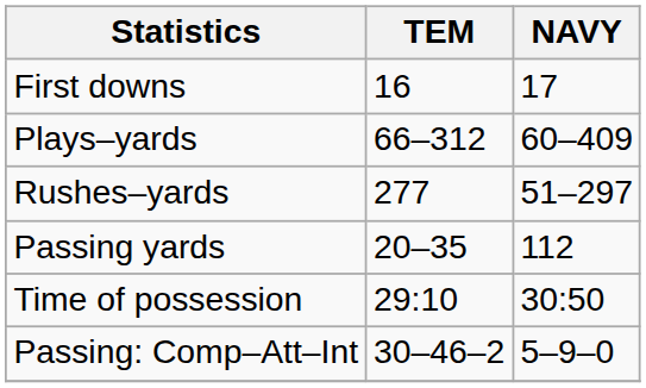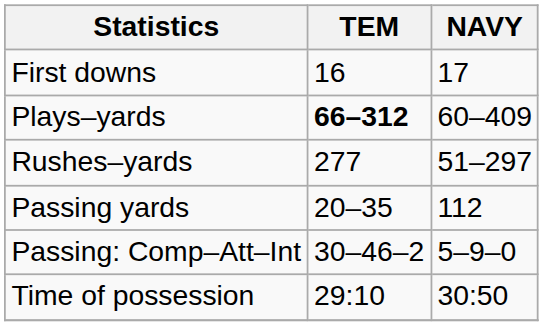 <table class="wikitable" style="float: left;">
 <tr>
 <th>Statistics</th>
 <th>TEM</th>
 <th>NAVY</th>
 </tr>
 <tr>
 <td>First downs</td>
 <td>16</td>
 <td>17</td>
 </tr>
 <tr>
 <td>Plays–yards</td>
-<td>66–312</td>
+<td><strong>66–312</strong></td>
 <td>60–409</td>
 </tr>
 <tr>
 <td>Rushes–yards</td>
 <td>277</td>
 <td>51–297</td>
 </tr>
 <tr>
 <td>Passing yards</td>
 <td>20–35</td>
 <td>112</td>
 </tr>
 <tr>
+<td>Passing: Comp–Att–Int</td>
+<td>30–46–2</td>
+<td>5–9–0</td>
+</tr>
+<tr>
 <td>Time of possession</td>
 <td>29:10</td>
 <td>30:50</td>
 </tr>
 <tr>
-<td>Passing: Comp–Att–Int</td>
-<td>30–46–2</td>
-<td>5–9–0</td>
-</tr>
-<tr>
 </tr>
 </table>
